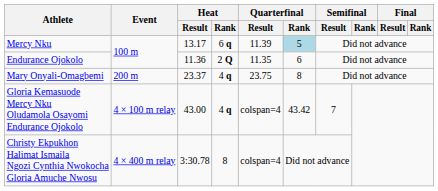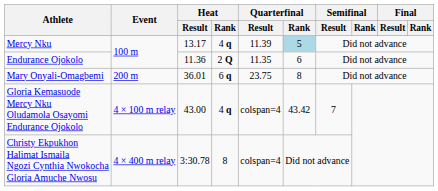 <table class=wikitable style="font-size:90%">
 <tr>
 <th rowspan="2">Athlete</th>
 <th rowspan="2">Event</th>
 <th colspan="2">Heat</th>
 <th colspan="2">Quarterfinal</th>
 <th colspan="2">Semifinal</th>
 <th colspan="2">Final</th>
 </tr>
 <tr style="font-size:95%">
 <th>Result</th>
 <th>Rank</th>
 <th>Result</th>
 <th>Rank</th>
 <th>Result</th>
 <th>Rank</th>
 <th>Result</th>
 <th>Rank</th>
 </tr>
 <tr align=center>
 <td align=left><a href='#'>Mercy Nku</a></td>
 <td align=left rowspan=2><a href='#'>100 m</a></td>
 <td>13.17</td>
-<td>6 <strong>q</strong></td>
+<td>4 <strong>q</strong></td>
 <td>11.39</td>
 <td style="background: lightblue;">5</td>
 <td colspan=4>Did not advance</td>
 </tr>
 <tr align=center>
 <td align=left><a href='#'>Endurance Ojokolo</a></td>
 <td>11.36</td>
 <td>2 <strong>Q</strong></td>
 <td>11.35</td>
 <td>6</td>
 <td colspan=4>Did not advance</td>
 </tr>
 <tr align=center>
 <td align=left><a href='#'>Mary Onyali-Omagbemi</a></td>
 <td align=left><a href='#'>200 m</a></td>
-<td>23.37</td>
-<td>4 <strong>q</strong></td>
+<td>36.01</td>
+<td>6 <strong>q</strong></td>
 <td>23.75</td>
 <td>8</td>
 <td colspan=4>Did not advance</td>
 </tr>
 <tr align=center>
 <td align=left><a href='#'>Gloria Kemasuode</a><br><a href='#'>Mercy Nku</a><br><a href='#'>Oludamola Osayomi</a><br><a href='#'>Endurance Ojokolo</a></td>
 <td align=left><a href='#'>4 × 100 m relay</a></td>
 <td>43.00</td>
 <td>4 <strong>q</strong></td>
 <td>colspan=4 </td>
 <td>43.42</td>
 <td>7</td>
 </tr>
 <tr align=center>
 <td align=left><a href='#'>Christy Ekpukhon</a><br><a href='#'>Halimat Ismaila</a><br><a href='#'>Ngozi Cynthia Nwokocha</a><br><a href='#'>Gloria Amuche Nwosu</a></td>
 <td align=left><a href='#'>4 × 400 m relay</a></td>
 <td>3:30.78</td>
 <td>8</td>
 <td>colspan=4 </td>
 <td colspan=2>Did not advance</td>
 </tr>
 </table>
